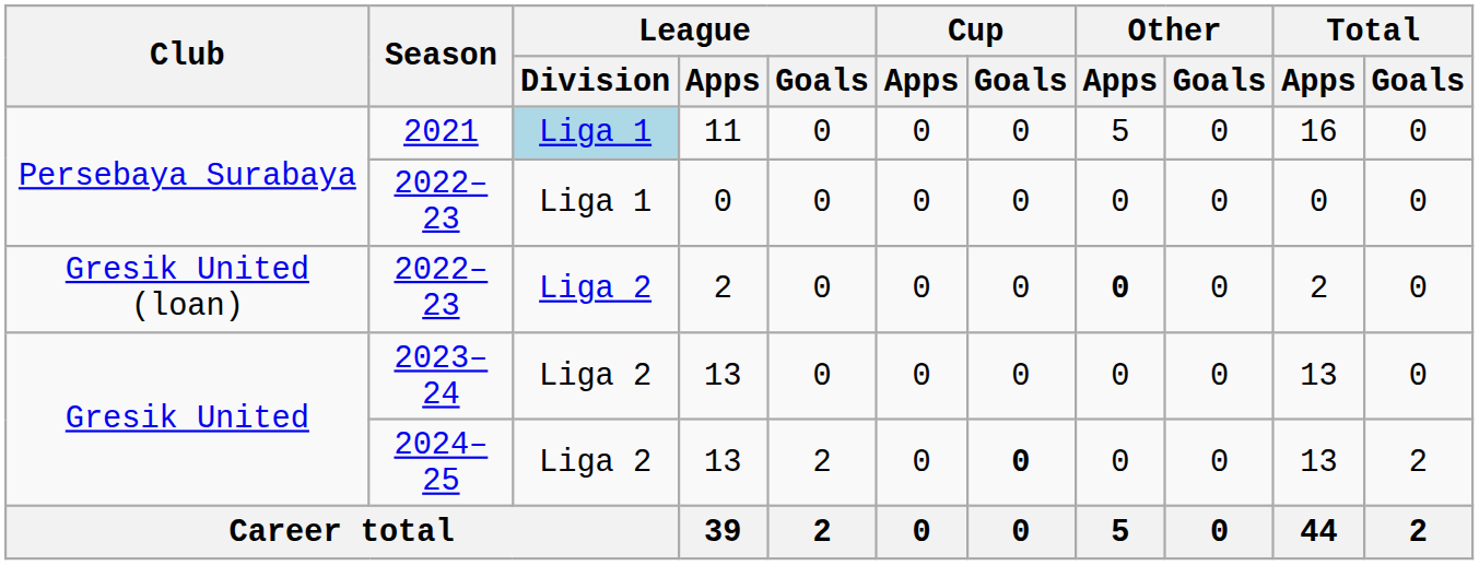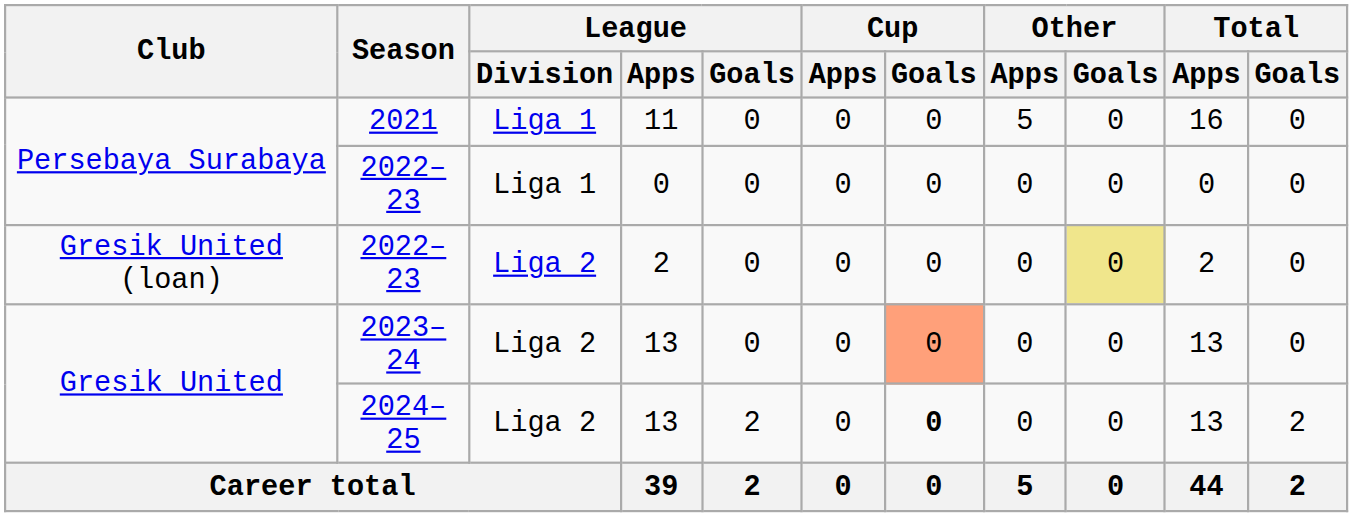 <table class="wikitable" style="text-align: center">
 <tr>
 <th rowspan="2">Club</th>
 <th rowspan="2">Season</th>
 <th colspan="3">League</th>
 <th colspan="2">Cup</th>
 <th colspan="2">Other</th>
 <th colspan="2">Total</th>
 </tr>
 <tr>
 <th>Division</th>
 <th>Apps</th>
 <th>Goals</th>
 <th>Apps</th>
 <th>Goals</th>
 <th>Apps</th>
 <th>Goals</th>
 <th>Apps</th>
 <th>Goals</th>
 </tr>
 <tr>
 <td rowspan="2"><a href='#'>Persebaya Surabaya</a></td>
 <td><a href='#'>2021</a></td>
-<td rowspan="1" valign="center" style="background: lightblue;"><a href='#'>Liga 1</a></td>
+<td rowspan="1" valign="center"><a href='#'>Liga 1</a></td>
 <td>11</td>
 <td>0</td>
 <td>0</td>
 <td>0</td>
 <td>5</td>
 <td>0</td>
 <td>16</td>
 <td>0</td>
 </tr>
 <tr>
 <td><a href='#'>2022–23</a></td>
 <td>Liga 1</td>
 <td>0</td>
 <td>0</td>
 <td>0</td>
 <td>0</td>
 <td>0</td>
 <td>0</td>
 <td>0</td>
 <td>0</td>
 </tr>
 <tr>
 <td rowspan="1"><a href='#'>Gresik United</a> (loan)</td>
 <td><a href='#'>2022–23</a></td>
 <td rowspan="1"><a href='#'>Liga 2</a></td>
 <td>2</td>
 <td>0</td>
 <td>0</td>
 <td>0</td>
-<td><strong>0</strong></td>
 <td>0</td>
+<td style="background: khaki;">0</td>
 <td>2</td>
 <td>0</td>
 </tr>
 <tr>
 <td rowspan="2"><a href='#'>Gresik United</a></td>
 <td><a href='#'>2023–24</a></td>
 <td rowspan="1">Liga 2</td>
 <td>13</td>
 <td>0</td>
 <td>0</td>
-<td>0</td>
+<td style="background: lightsalmon;">0</td>
 <td>0</td>
 <td>0</td>
 <td>13</td>
 <td>0</td>
 </tr>
 <tr>
 <td><a href='#'>2024–25</a></td>
 <td rowspan="1">Liga 2</td>
 <td>13</td>
 <td>2</td>
 <td>0</td>
 <td><strong>0</strong></td>
 <td>0</td>
 <td>0</td>
 <td>13</td>
 <td>2</td>
 </tr>
 <tr>
 <th colspan=3>Career total</th>
 <th>39</th>
 <th>2</th>
 <th>0</th>
 <th>0</th>
 <th>5</th>
 <th>0</th>
 <th>44</th>
 <th>2</th>
 </tr>
 </table>
